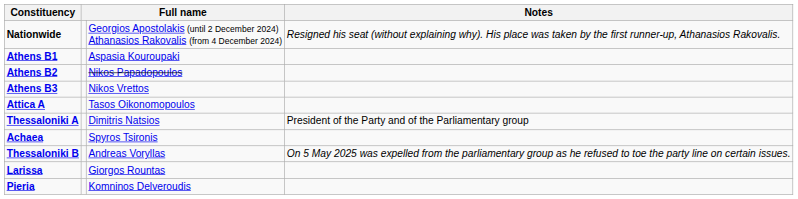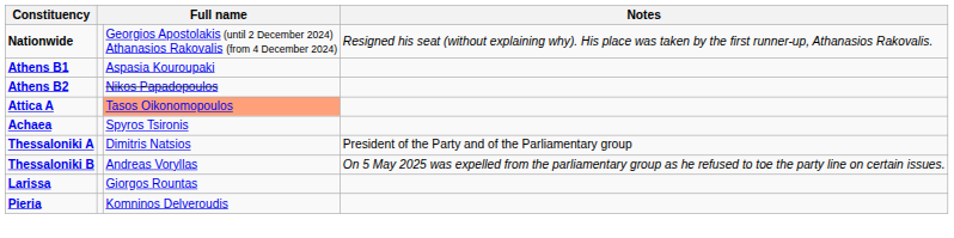 <table class="wikitable">
 <tr>
 <th>Constituency</th>
 <th colspan="2">Full name</th>
 <th>Notes</th>
 </tr>
 <tr>
 <td><strong>Nationwide</strong></td>
 <td></td>
 <td><a href='#'>Georgios Apostolakis</a><small> (until 2 December 2024)</small> <br><a href='#'>Athanasios Rakovalis</a> <small>(from 4 December 2024) </small></td>
 <td><em>Resigned his seat (without explaining why). His place was taken by the first runner-up, Athanasios Rakovalis.</em></td>
 </tr>
 <tr>
 <td><strong><a href='#'>Athens B1</a></strong></td>
 <td></td>
 <td><a href='#'>Aspasia Kouroupaki</a></td>
 <td></td>
 </tr>
 <tr>
 <td><strong><a href='#'>Athens B2</a></strong></td>
 <td></td>
 <td><s><a href='#'>Nikos Papadopoulos</a></s></td>
 <td></td>
 </tr>
 <tr>
-<td><strong><a href='#'>Athens B3</a></strong></td>
+<td><a href='#'><strong>Attica A</strong></a></td>
 <td></td>
-<td><a href='#'>Nikos Vrettos</a></td>
+<td style="background: lightsalmon;"><a href='#'>Tasos Oikonomopoulos</a></td>
 <td></td>
 </tr>
 <tr>
-<td><a href='#'><strong>Attica A</strong></a></td>
+<td><a href='#'><strong>Achaea</strong></a></td>
 <td></td>
-<td><a href='#'>Tasos Oikonomopoulos</a></td>
+<td><a href='#'>Spyros Tsironis</a></td>
 <td></td>
 </tr>
 <tr>
 <td><strong><a href='#'>Thessaloniki A</a></strong></td>
 <td></td>
 <td><a href='#'>Dimitris Natsios</a></td>
 <td>President of the Party and of the Parliamentary group</td>
-</tr>
-<tr>
-<td><a href='#'><strong>Achaea</strong></a></td>
-<td></td>
-<td><a href='#'>Spyros Tsironis</a></td>
-<td></td>
 </tr>
 <tr>
 <td><strong><a href='#'>Thessaloniki B</a></strong></td>
 <td></td>
 <td><a href='#'>Andreas Voryllas</a></td>
 <td><em>On 5 May 2025 was expelled from the parliamentary group as he refused to toe the party line on certain issues.</em></td>
 </tr>
 <tr>
 <td><a href='#'><strong>Larissa</strong></a></td>
 <td></td>
 <td><a href='#'>Giorgos Rountas</a></td>
 <td></td>
 </tr>
 <tr>
 <td><a href='#'><strong>Pieria</strong></a></td>
 <td></td>
 <td><a href='#'>Komninos Delveroudis</a></td>
 <td></td>
 </tr>
 </table>
